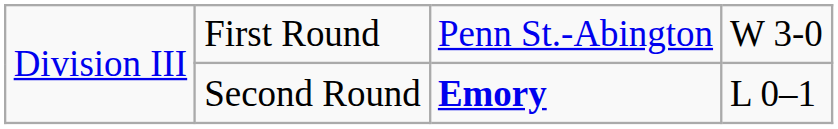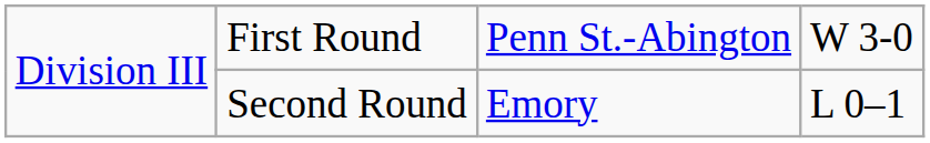 <table class="wikitable">
 <tr>
 <td rowspan="2"><a href='#'>Division III</a></td>
 <td>First Round</td>
 <td><a href='#'>Penn St.-Abington</a></td>
 <td>W 3-0</td>
 </tr>
 <tr>
 <td>Second Round</td>
-<td><strong><a href='#'>Emory</a></strong></td>
+<td><a href='#'>Emory</a></td>
 <td>L 0–1</td>
 </tr>
 </table>
